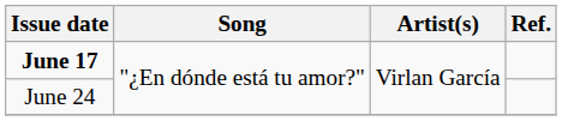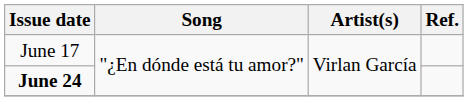 <table class="wikitable plainrowheaders" style="text-align: center;">
 <tr>
 <th>Issue date</th>
 <th>Song</th>
 <th>Artist(s)</th>
 <th>Ref.</th>
 </tr>
 <tr>
-<td><strong>June 17</strong></td>
+<td>June 17</td>
 <td rowspan="2">"¿En dónde está tu amor?"</td>
 <td rowspan="2">Virlan García</td>
 <td></td>
 </tr>
 <tr>
-<td>June 24</td>
+<td><strong>June 24</strong></td>
 <td></td>
 </tr>
 <tr>
 </tr>
 </table>
